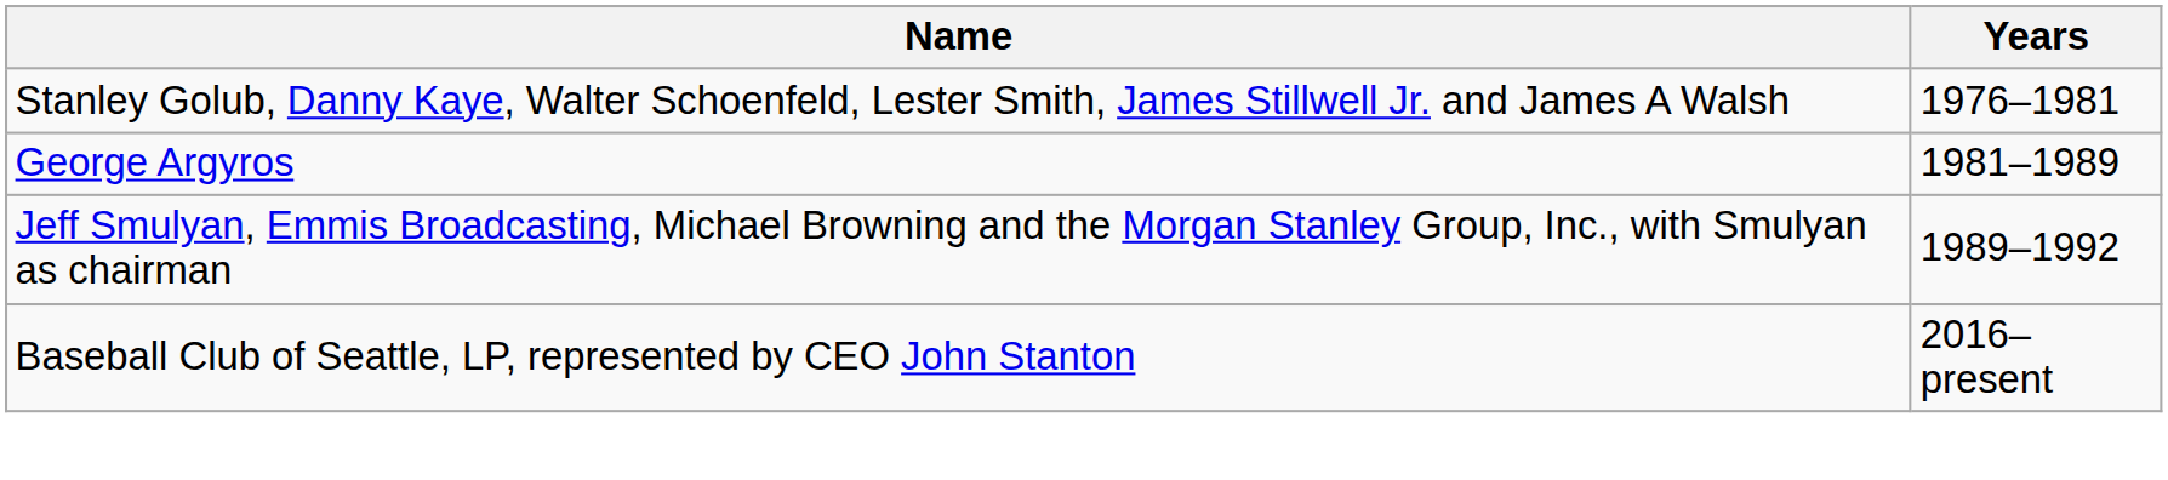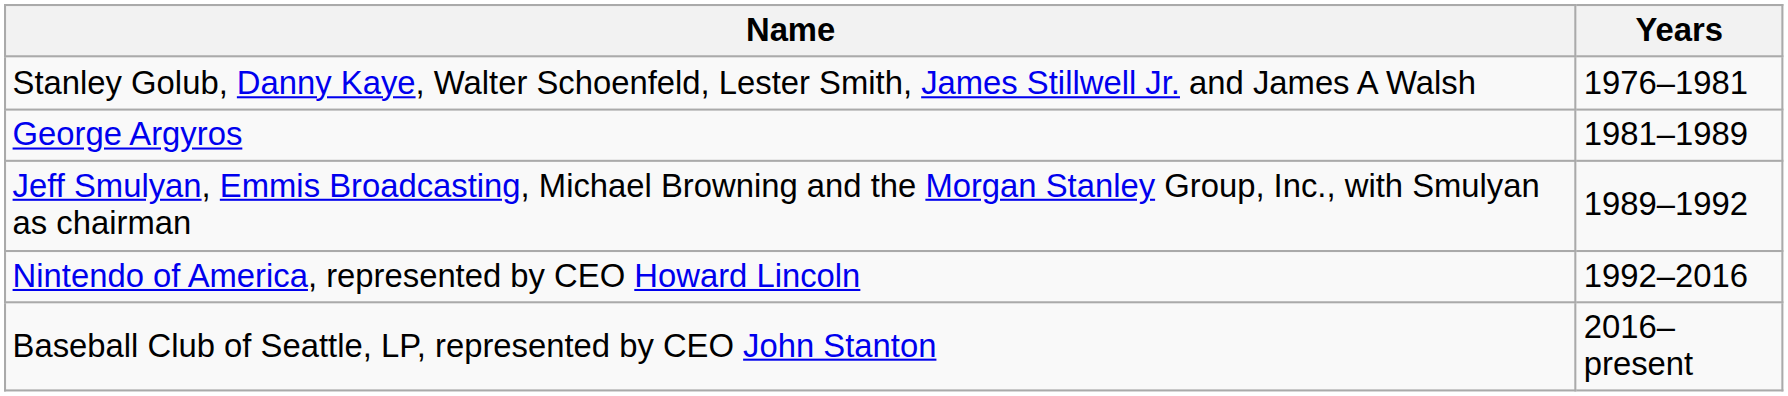 <table class="wikitable">
 <tr>
 <th>Name</th>
 <th>Years</th>
 </tr>
 <tr>
 <td>Stanley Golub, <a href='#'>Danny Kaye</a>, Walter Schoenfeld, Lester Smith, <a href='#'>James Stillwell Jr.</a> and James A Walsh</td>
 <td>1976–1981</td>
 </tr>
 <tr>
 <td><a href='#'>George Argyros</a></td>
 <td>1981–1989</td>
 </tr>
 <tr>
 <td><a href='#'>Jeff Smulyan</a>, <a href='#'>Emmis Broadcasting</a>, Michael Browning and the <a href='#'>Morgan Stanley</a> Group, Inc., with Smulyan as chairman</td>
 <td>1989–1992</td>
 </tr>
 <tr>
+<td><a href='#'>Nintendo of America</a>, represented by CEO <a href='#'>Howard Lincoln</a></td>
+<td>1992–2016</td>
+</tr>
+<tr>
 <td>Baseball Club of Seattle, LP, represented by CEO <a href='#'>John Stanton</a></td>
 <td>2016–present</td>
 </tr>
 </table>
